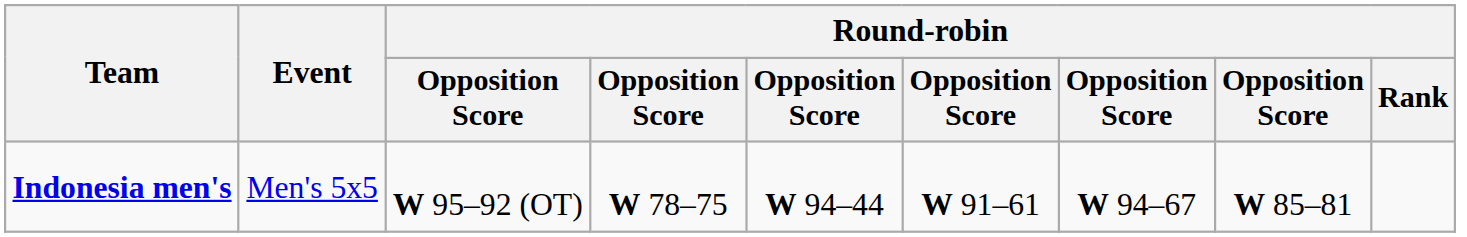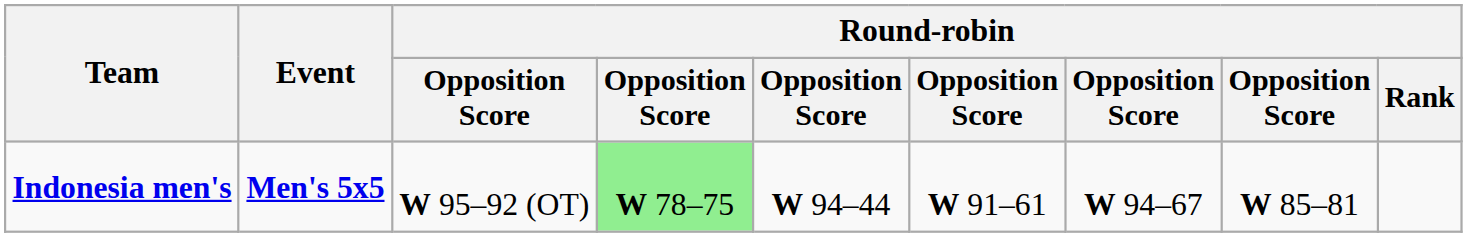 <table class="wikitable" style="font-size:90%">
 <tr>
 <th rowspan=2>Team</th>
 <th rowspan=2>Event</th>
 <th colspan="7">Round-robin</th>
 </tr>
 <tr style="font-size:95%">
 <th>Opposition<br>Score</th>
 <th>Opposition<br>Score</th>
 <th>Opposition<br>Score</th>
 <th>Opposition<br>Score</th>
 <th>Opposition<br>Score</th>
 <th>Opposition<br>Score</th>
 <th>Rank</th>
 </tr>
 <tr align=center>
 <td align=left><strong><a href='#'>Indonesia men's</a></strong></td>
-<td align=left><a href='#'>Men's 5x5</a></td>
+<td align=left><strong><a href='#'>Men's 5x5</a></strong></td>
 <td><br> <strong>W</strong> 95–92 (OT)</td>
-<td><br> <strong>W</strong> 78–75</td>
+<td style="background: lightgreen;"><br> <strong>W</strong> 78–75</td>
 <td><br> <strong>W</strong> 94–44</td>
 <td><br> <strong>W</strong> 91–61</td>
 <td><br> <strong>W</strong> 94–67</td>
 <td><br> <strong>W</strong> 85–81</td>
 <td></td>
 </tr>
 </table>
